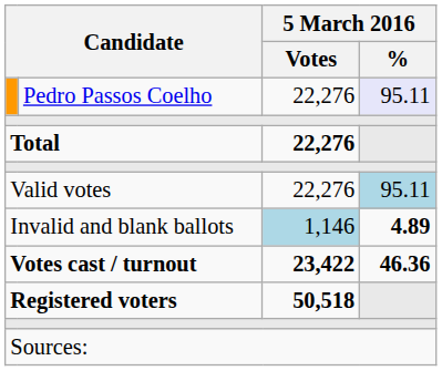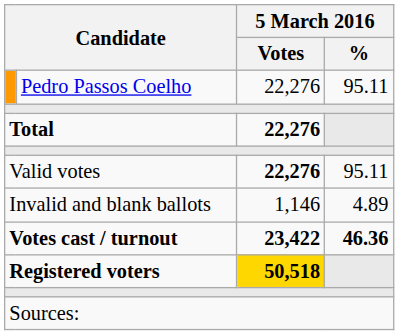 <table class="wikitable" style="text-align:right; font-size:97%;">
 <tr>
 <th rowspan="2" colspan="2" width="170">Candidate</th>
 <th colspan="2">5 March 2016</th>
 </tr>
 <tr>
 <th width="60">Votes</th>
 <th width="45">%</th>
 </tr>
 <tr>
 <td style="color:inherit;background:#FF9900"></td>
 <td align="left"><a href='#'>Pedro Passos Coelho</a></td>
 <td>22,276</td>
-<td style="background: lavender;">95.11</td>
+<td>95.11</td>
 </tr>
 <tr>
 <td colspan="4" bgcolor="#E9E9E9"></td>
 </tr>
 <tr style="font-weight:bold;">
 <td align="left" colspan="2">Total</td>
 <td>22,276</td>
 <td bgcolor="#E9E9E9"></td>
 </tr>
 <tr>
 <td colspan="4" bgcolor="#E9E9E9"></td>
 </tr>
 <tr>
 <td align="left" colspan="2">Valid votes</td>
-<td>22,276</td>
-<td style="background: lightblue;">95.11</td>
+<td><strong>22,276</strong></td>
+<td>95.11</td>
 </tr>
 <tr>
 <td align="left" colspan="2">Invalid and blank ballots</td>
-<td style="background: lightblue;">1,146</td>
-<td><strong>4.89</strong></td>
+<td>1,146</td>
+<td>4.89</td>
 </tr>
 <tr style="font-weight:bold;">
 <td align="left" colspan="2">Votes cast / turnout</td>
 <td>23,422</td>
 <td>46.36</td>
 </tr>
 <tr style="font-weight:bold;">
 <td align="left" colspan="2">Registered voters</td>
-<td>50,518</td>
+<td style="background: gold;">50,518</td>
 <td bgcolor="#E9E9E9"></td>
 </tr>
 <tr>
 <td colspan="4" bgcolor="#E9E9E9"></td>
 </tr>
 <tr>
 <td align="left" colspan="6">Sources: </td>
 </tr>
 </table>
